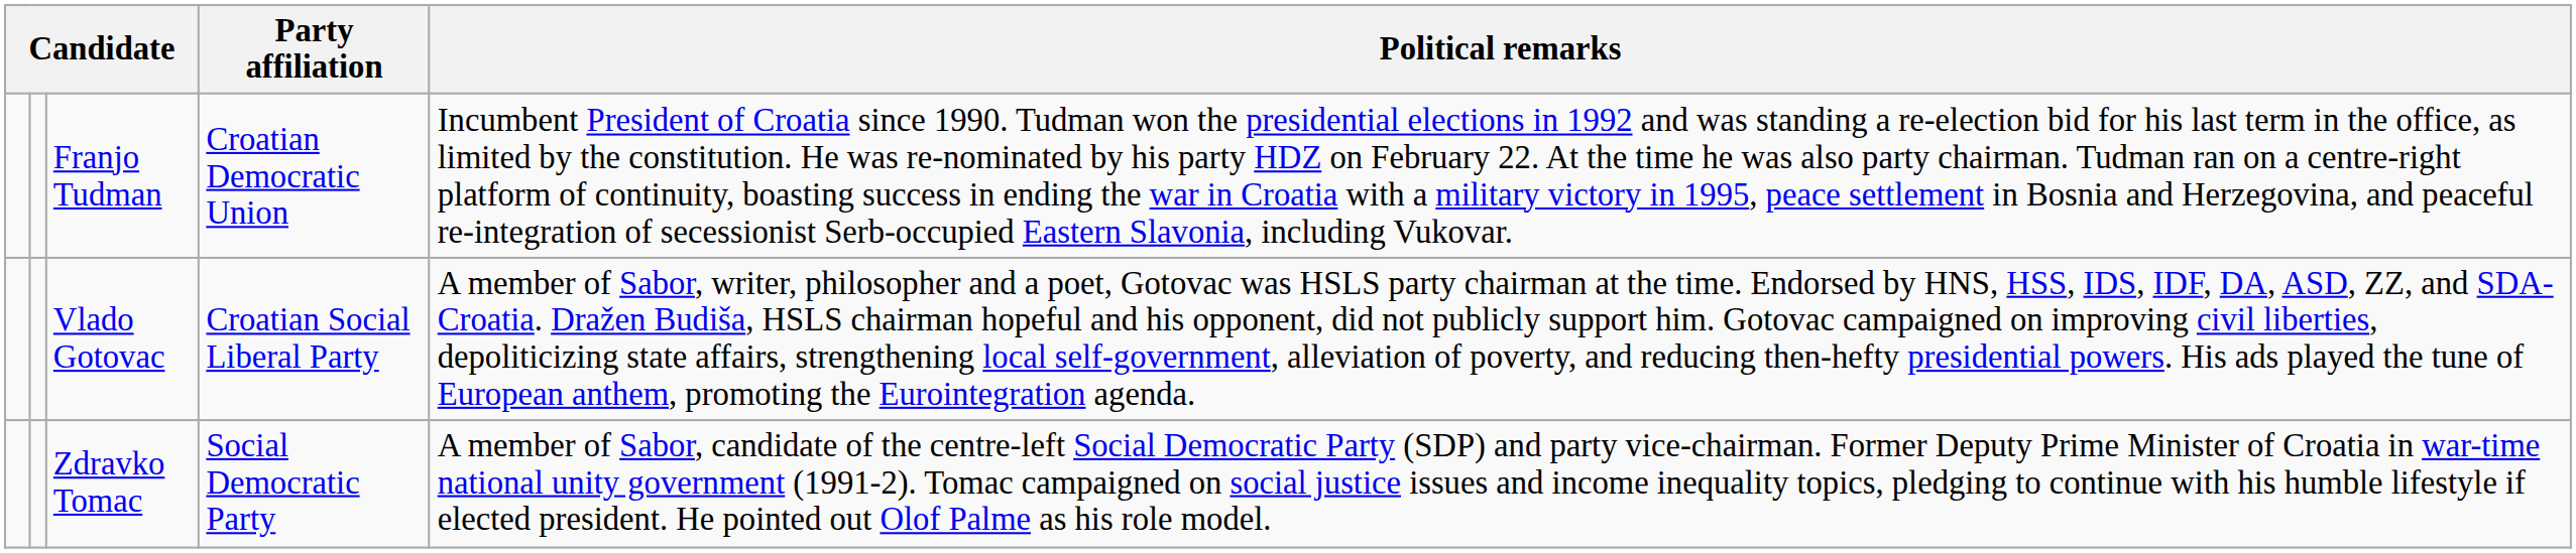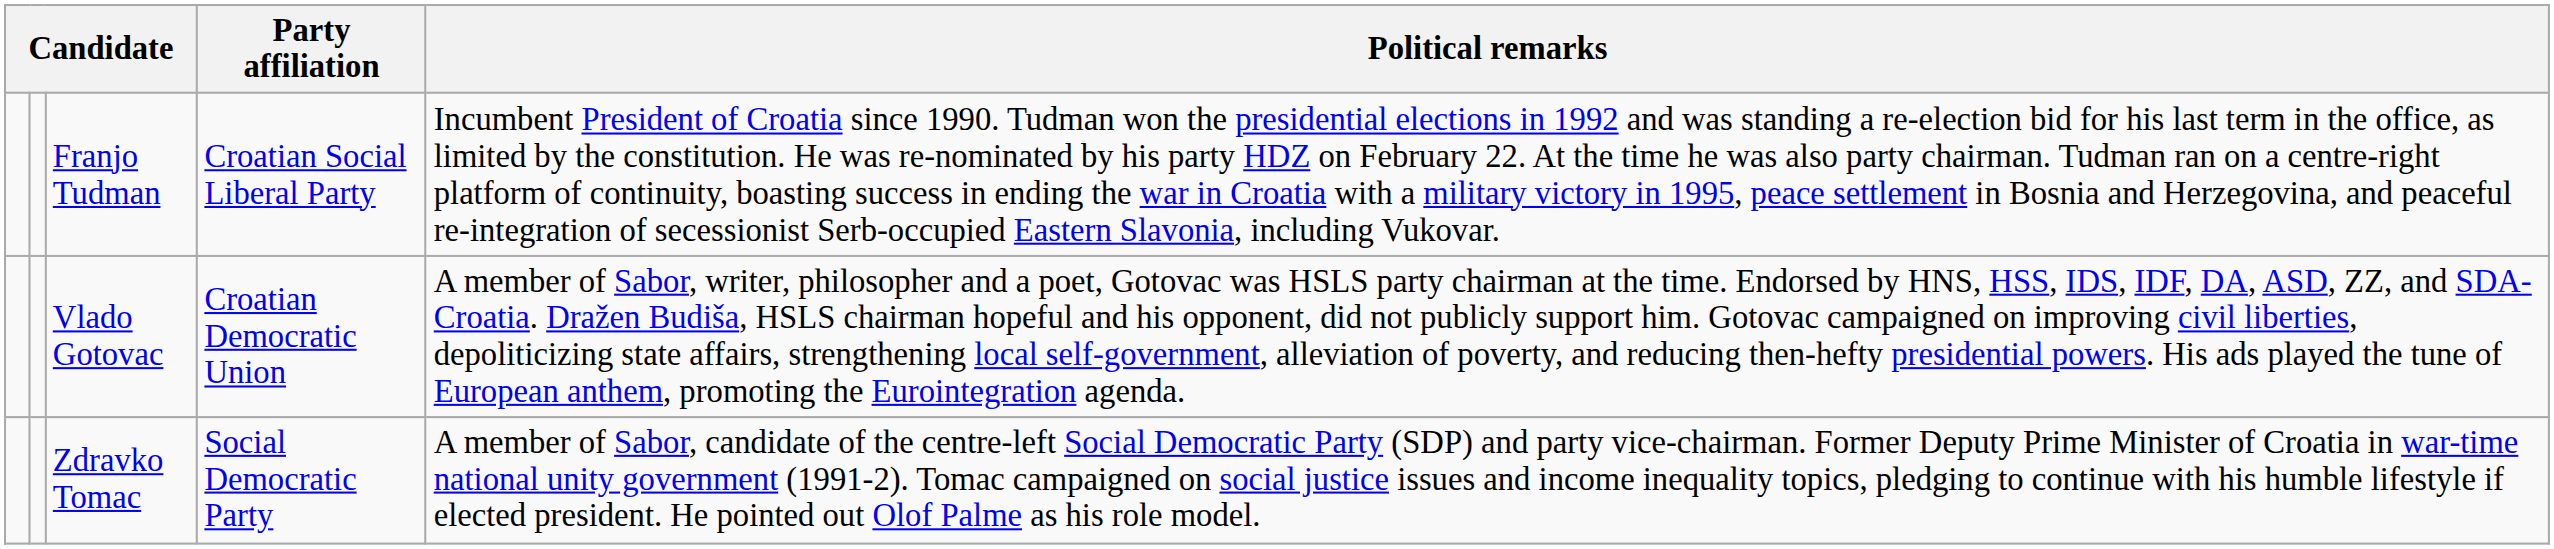 <table class="wikitable">
 <tr>
 <th colspan=3>Candidate</th>
 <th>Party affiliation</th>
 <th>Political remarks</th>
 </tr>
 <tr>
 <td width=5px style="color:inherit;background:"></td>
 <td></td>
 <td><a href='#'>Franjo Tudman</a></td>
-<td><a href='#'>Croatian Democratic Union</a></td>
+<td><a href='#'>Croatian Social Liberal Party</a></td>
 <td>Incumbent <a href='#'>President of Croatia</a> since 1990. Tudman won the <a href='#'>presidential elections in 1992</a> and was standing a re-election bid for his last term in the office, as limited by the constitution. He was re-nominated by his party <a href='#'>HDZ</a> on February 22. At the time he was also party chairman. Tudman ran on a centre-right platform of continuity, boasting success in ending the <a href='#'>war in Croatia</a> with a <a href='#'>military victory in 1995</a>, <a href='#'>peace settlement</a> in Bosnia and Herzegovina, and peaceful re-integration of secessionist Serb-occupied <a href='#'>Eastern Slavonia</a>, including Vukovar.</td>
 </tr>
 <tr>
 <td width=5px style="color:inherit;background:"></td>
 <td></td>
 <td><a href='#'>Vlado Gotovac</a></td>
-<td><a href='#'>Croatian Social Liberal Party</a></td>
+<td><a href='#'>Croatian Democratic Union</a></td>
 <td>A member of <a href='#'>Sabor</a>, writer, philosopher and a poet, Gotovac was HSLS party chairman at the time. Endorsed by HNS, <a href='#'>HSS</a>, <a href='#'>IDS</a>, <a href='#'>IDF</a>, <a href='#'>DA</a>, <a href='#'>ASD</a>, ZZ, and <a href='#'>SDA-Croatia</a>. <a href='#'>Dražen Budiša</a>, HSLS chairman hopeful and his opponent, did not publicly support him. Gotovac campaigned on improving <a href='#'>civil liberties</a>, depoliticizing state affairs, strengthening <a href='#'>local self-government</a>, alleviation of poverty, and reducing then-hefty <a href='#'>presidential powers</a>. His ads played the tune of <a href='#'>European anthem</a>, promoting the <a href='#'>Eurointegration</a> agenda.</td>
 </tr>
 <tr>
 <td width=5px style="color:inherit;background:"></td>
 <td></td>
 <td><a href='#'>Zdravko Tomac</a></td>
 <td><a href='#'>Social Democratic Party</a></td>
 <td>A member of <a href='#'>Sabor</a>, candidate of the centre-left <a href='#'>Social Democratic Party</a> (SDP) and party vice-chairman. Former Deputy Prime Minister of Croatia in <a href='#'>war-time national unity government</a> (1991-2). Tomac campaigned on <a href='#'>social justice</a> issues and income inequality topics, pledging to continue with his humble lifestyle if elected president. He pointed out <a href='#'>Olof Palme</a> as his role model.</td>
 </tr>
 </table>
